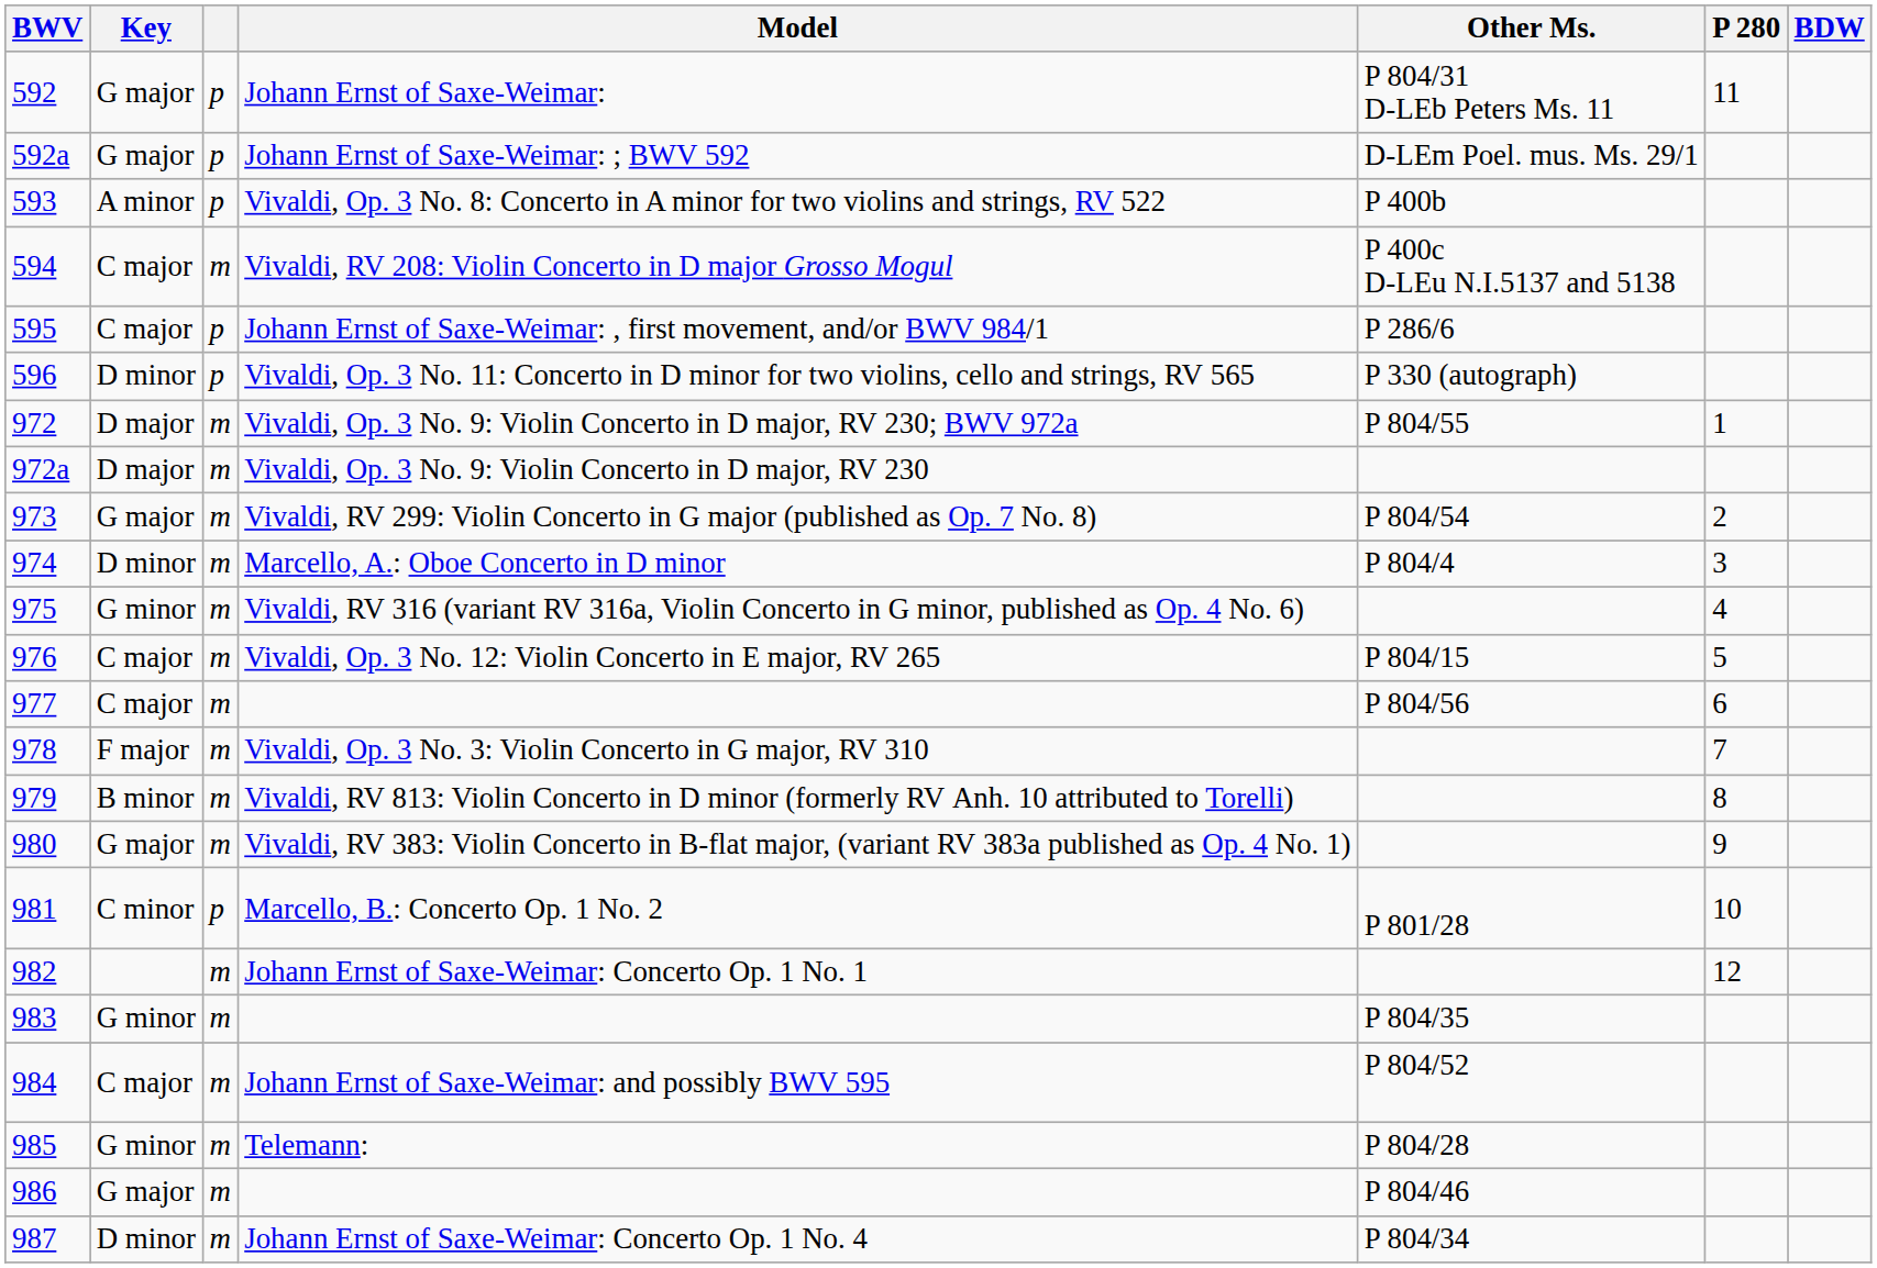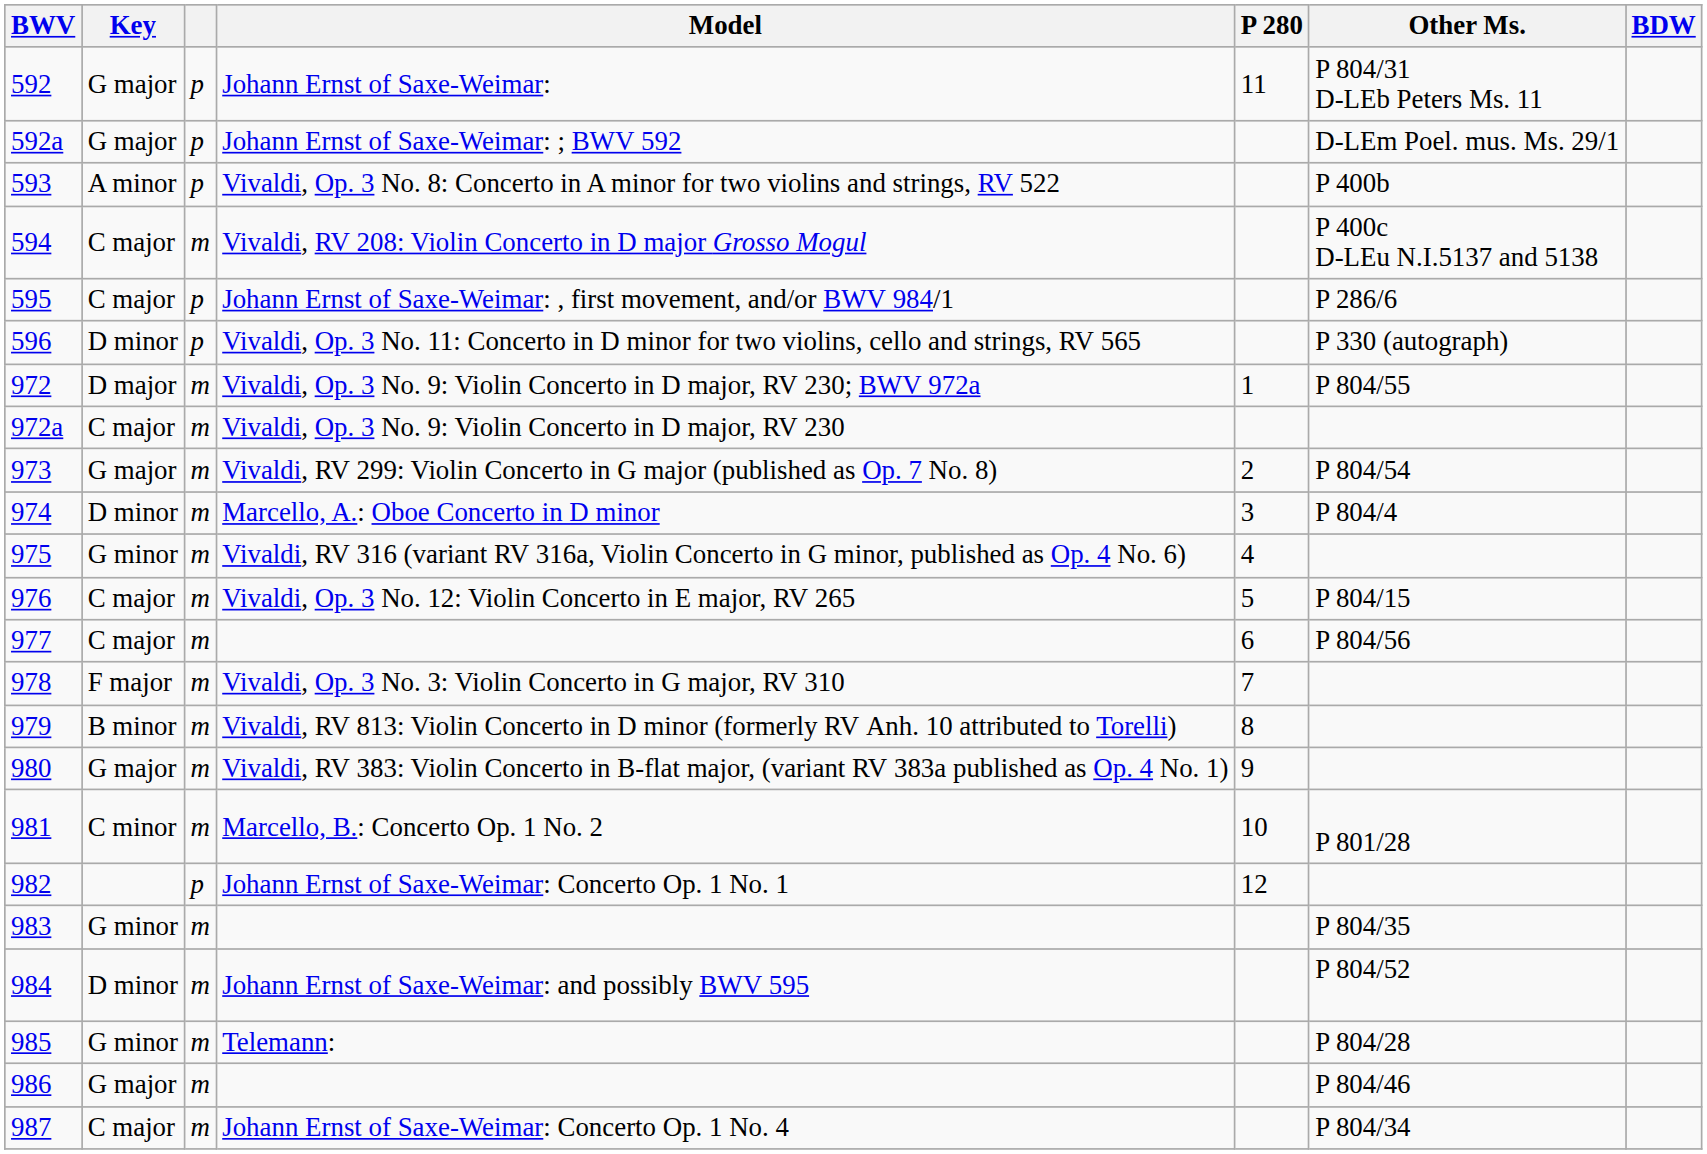 <table class="wikitable sortable">
 <tr>
 <th scope="col"><a href='#'>BWV</a></th>
 <th scope="col"><a href='#'>Key</a></th>
 <th scope="col"></th>
 <th scope="col">Model</th>
+<th scope="col">P 280</th>
 <th scope="col">Other Ms.</th>
-<th scope="col">P 280</th>
 <th scope="col"><a href='#'>BDW</a></th>
 </tr>
 <tr>
 <td><a href='#'>592</a></td>
 <td>G major</td>
 <td><em>p</em></td>
 <td><a href='#'>Johann Ernst of Saxe-Weimar</a>: </td>
+<td>11</td>
 <td>P 804/31<br>D-LEb Peters Ms. 11</td>
-<td>11</td>
 <td></td>
 </tr>
 <tr>
 <td><a href='#'>592a</a></td>
 <td>G major</td>
 <td><em>p</em></td>
 <td><a href='#'>Johann Ernst of Saxe-Weimar</a>: ; <a href='#'>BWV&nbsp;592</a></td>
+<td></td>
 <td>D-LEm Poel. mus. Ms. 29/1</td>
-<td></td>
 <td></td>
 </tr>
 <tr>
 <td><a href='#'>593</a></td>
 <td>A minor</td>
 <td><em>p</em></td>
 <td data-sort-value="Vivaldi, Op."><a href='#'>Vivaldi</a>, <a href='#'>Op. 3</a> No. 8: Concerto in A minor for two violins and strings, <a href='#'>RV</a> 522</td>
+<td></td>
 <td>P 400b</td>
-<td></td>
 <td></td>
 </tr>
 <tr>
 <td><a href='#'>594</a></td>
 <td>C major</td>
 <td><em>m</em></td>
 <td><a href='#'>Vivaldi</a>, <a href='#'>RV 208: Violin Concerto in D major <em>Grosso Mogul</em></a></td>
+<td></td>
 <td>P 400c<br>D-LEu N.I.5137 and 5138</td>
-<td></td>
 <td></td>
 </tr>
 <tr>
 <td><a href='#'>595</a></td>
 <td>C major</td>
 <td><em>p</em></td>
 <td><a href='#'>Johann Ernst of Saxe-Weimar</a>: , first movement, and/or <a href='#'>BWV&nbsp;984</a>/1</td>
+<td></td>
 <td>P 286/6</td>
-<td></td>
 <td></td>
 </tr>
 <tr>
 <td><a href='#'>596</a></td>
 <td>D minor</td>
 <td><em>p</em></td>
 <td><a href='#'>Vivaldi</a>, <a href='#'>Op. 3</a> No. 11: Concerto in D minor for two violins, cello and strings, RV 565</td>
+<td></td>
 <td>P 330 (autograph)</td>
-<td></td>
 <td></td>
 </tr>
 <tr>
 <td><a href='#'>972</a></td>
 <td>D major</td>
 <td><em>m</em></td>
 <td data-sort-value="Vivaldi, Op."><a href='#'>Vivaldi</a>, <a href='#'>Op. 3</a> No. 9: Violin Concerto in D major, RV 230; <a href='#'>BWV&nbsp;972a</a></td>
+<td>1</td>
 <td>P 804/55</td>
-<td>1</td>
 <td></td>
 </tr>
 <tr>
 <td><a href='#'>972a</a></td>
-<td>D major</td>
+<td>C major</td>
 <td><em>m</em></td>
 <td data-sort-value="Vivaldi, Op."><a href='#'>Vivaldi</a>, <a href='#'>Op. 3</a> No. 9: Violin Concerto in D major, RV 230</td>
 <td></td>
 <td></td>
 <td></td>
 </tr>
 <tr>
 <td><a href='#'>973</a></td>
 <td>G major</td>
 <td><em>m</em></td>
 <td><a href='#'>Vivaldi</a>, RV 299: Violin Concerto in G major (published as <a href='#'>Op. 7</a> No. 8)</td>
+<td>2</td>
 <td>P 804/54<br></td>
-<td>2</td>
 <td></td>
 </tr>
 <tr>
 <td><a href='#'>974</a></td>
 <td>D minor</td>
 <td><em>m</em></td>
 <td><a href='#'>Marcello, A.</a>: <a href='#'>Oboe Concerto in D minor</a></td>
+<td>3</td>
 <td data-sort-value="P 804/04">P 804/4<br></td>
-<td>3</td>
 <td></td>
 </tr>
 <tr>
 <td><a href='#'>975</a></td>
 <td>G minor</td>
 <td><em>m</em></td>
 <td><a href='#'>Vivaldi</a>, RV 316 (variant RV 316a, Violin Concerto in G minor, published as <a href='#'>Op. 4</a> No. 6)</td>
+<td>4</td>
 <td></td>
-<td>4</td>
 <td></td>
 </tr>
 <tr>
 <td><a href='#'>976</a></td>
 <td>C major</td>
 <td><em>m</em></td>
 <td><a href='#'>Vivaldi</a>, <a href='#'>Op. 3</a> No. 12: Violin Concerto in E major, RV 265</td>
+<td>5</td>
 <td>P 804/15</td>
-<td>5</td>
 <td></td>
 </tr>
 <tr>
 <td><a href='#'>977</a></td>
 <td>C major</td>
 <td><em>m</em></td>
 <td></td>
+<td>6</td>
 <td>P 804/56</td>
-<td>6</td>
 <td></td>
 </tr>
 <tr>
 <td><a href='#'>978</a></td>
 <td>F major</td>
 <td><em>m</em></td>
 <td data-sort-value="Vivaldi, Op."><a href='#'>Vivaldi</a>, <a href='#'>Op. 3</a> No. 3: Violin Concerto in G major, RV 310</td>
+<td>7</td>
 <td></td>
-<td>7</td>
 <td></td>
 </tr>
 <tr>
 <td><a href='#'>979</a></td>
 <td>B minor</td>
 <td><em>m</em></td>
 <td><a href='#'>Vivaldi</a>, RV 813: Violin Concerto in D minor (formerly RV Anh. 10 attributed to <a href='#'>Torelli</a>)</td>
+<td>8</td>
 <td></td>
-<td>8</td>
 <td></td>
 </tr>
 <tr>
 <td><a href='#'>980</a></td>
 <td>G major</td>
 <td><em>m</em></td>
 <td><a href='#'>Vivaldi</a>, RV 383: Violin Concerto in B-flat major, (variant RV 383a published as <a href='#'>Op. 4</a> No. 1)</td>
+<td>9</td>
 <td></td>
-<td>9</td>
 <td></td>
 </tr>
 <tr>
 <td><a href='#'>981</a></td>
 <td>C minor</td>
-<td><em>p</em></td>
+<td><em>m</em></td>
 <td><a href='#'>Marcello, B.</a>: Concerto Op. 1 No. 2</td>
+<td>10</td>
 <td><br>P 801/28<br></td>
-<td>10</td>
 <td></td>
 </tr>
 <tr>
 <td><a href='#'>982</a></td>
 <td></td>
-<td><em>m</em></td>
+<td><em>p</em></td>
 <td><a href='#'>Johann Ernst of Saxe-Weimar</a>: Concerto Op. 1 No. 1</td>
+<td>12</td>
 <td></td>
-<td>12</td>
 <td></td>
 </tr>
 <tr>
 <td><a href='#'>983</a></td>
 <td>G minor</td>
 <td><em>m</em></td>
 <td></td>
+<td></td>
 <td>P 804/35<br></td>
-<td></td>
 <td></td>
 </tr>
 <tr>
 <td><a href='#'>984</a></td>
-<td>C major</td>
+<td>D minor</td>
 <td><em>m</em></td>
 <td><a href='#'>Johann Ernst of Saxe-Weimar</a>:  and possibly <a href='#'>BWV&nbsp;595</a></td>
+<td></td>
 <td>P 804/52<br><br></td>
-<td></td>
 <td></td>
 </tr>
 <tr>
 <td><a href='#'>985</a></td>
 <td>G minor</td>
 <td><em>m</em></td>
 <td><a href='#'>Telemann</a>: </td>
+<td></td>
 <td>P 804/28</td>
-<td></td>
 <td></td>
 </tr>
 <tr>
 <td><a href='#'>986</a></td>
 <td>G major</td>
 <td><em>m</em></td>
 <td></td>
+<td></td>
 <td>P 804/46</td>
-<td></td>
 <td></td>
 </tr>
 <tr>
 <td><a href='#'>987</a></td>
-<td>D minor</td>
+<td>C major</td>
 <td><em>m</em></td>
 <td><a href='#'>Johann Ernst of Saxe-Weimar</a>: Concerto Op. 1 No. 4</td>
+<td></td>
 <td>P 804/34</td>
-<td></td>
 <td></td>
 </tr>
 </table>
